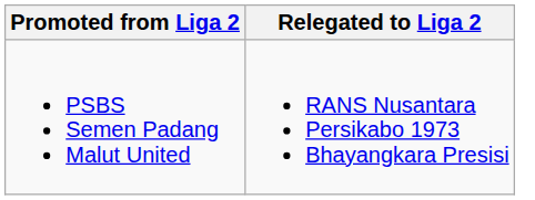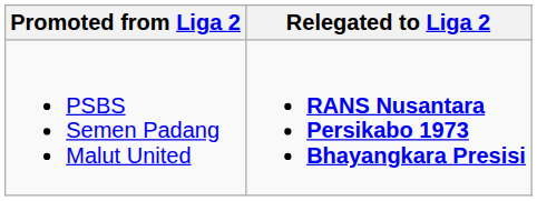 <table class="wikitable">
 <tr>
 <th> Promoted from <a href='#'>Liga 2</a></th>
 <th> Relegated to <a href='#'>Liga 2</a></th>
 </tr>
 <tr>
 <td><br><ul><li><a href='#'>PSBS</a></li><li><a href='#'>Semen Padang</a></li><li><a href='#'>Malut United</a></li></ul></td>
-<td><br><ul><li><a href='#'>RANS Nusantara</a></li><li><a href='#'>Persikabo 1973</a></li><li><a href='#'>Bhayangkara Presisi</a></li></ul></td>
+<td><strong><br><ul><li><a href='#'>RANS Nusantara</a></li><li><a href='#'>Persikabo 1973</a></li><li><a href='#'>Bhayangkara Presisi</a></li></ul></strong></td>
 </tr>
 </table>
